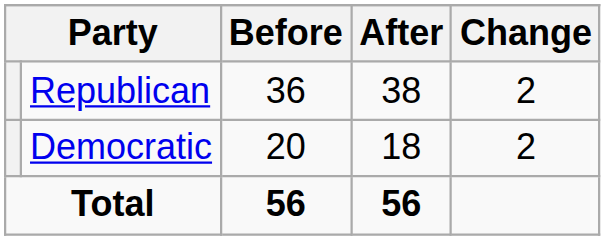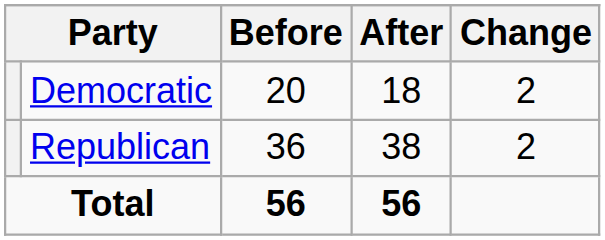 <table class="wikitable" style="text-align:center;">
 <tr>
 </tr>
 <tr>
 <th colspan=2>Party</th>
 <th>Before</th>
 <th>After</th>
 <th>Change</th>
 </tr>
 <tr>
 <th style="background-color:"></th>
-<td style="text-align:left;"><a href='#'>Republican</a></td>
-<td>36</td>
-<td>38</td>
+<td style="text-align:left;"><a href='#'>Democratic</a></td>
+<td>20</td>
+<td>18</td>
 <td> 2</td>
 </tr>
 <tr>
 <th style="background-color:"></th>
-<td style="text-align:left;"><a href='#'>Democratic</a></td>
-<td>20</td>
-<td>18</td>
+<td style="text-align:left;"><a href='#'>Republican</a></td>
+<td>36</td>
+<td>38</td>
 <td> 2</td>
 </tr>
 <tr>
 <td colspan=2><strong>Total</strong></td>
 <td><strong>56</strong></td>
 <td><strong>56</strong></td>
 <td></td>
 </tr>
 </table>
